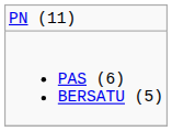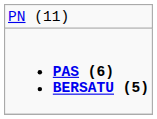 <table class="wikitable">
 <tr>
 <td> <a href='#'>PN</a> (11)</td>
 </tr>
 <tr>
-<td><br><ul><li> <a href='#'>PAS</a> (6)</li><li> <a href='#'>BERSATU</a> (5)</li></ul></td>
+<td><strong><br><ul><li> <a href='#'>PAS</a> (6)</li><li> <a href='#'>BERSATU</a> (5)</li></ul></strong></td>
 </tr>
 <tr>
 </tr>
 </table>
